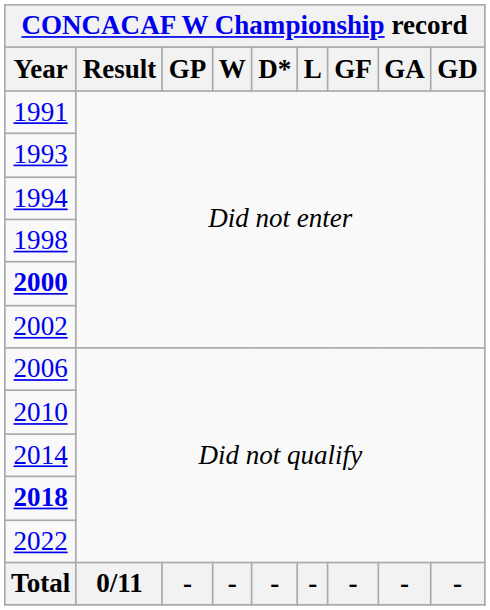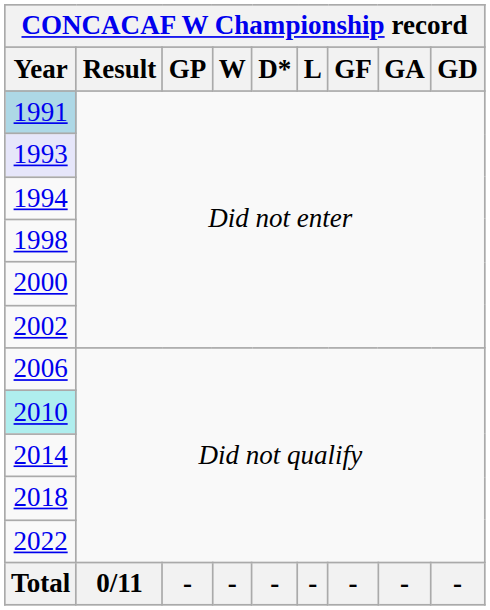 <table class="wikitable" style="text-align: center;">
 <tr>
 <th colspan=10><a href='#'>CONCACAF W Championship</a> record</th>
 </tr>
 <tr>
 <th>Year</th>
 <th>Result</th>
 <th>GP</th>
 <th>W</th>
 <th>D*</th>
 <th>L</th>
 <th>GF</th>
 <th>GA</th>
 <th>GD</th>
 </tr>
 <tr>
-<td> <a href='#'>1991</a></td>
+<td style="background: lightblue;"> <a href='#'>1991</a></td>
 <td colspan=8 rowspan=6><em>Did not enter</em></td>
 </tr>
 <tr>
-<td> <a href='#'>1993</a></td>
+<td style="background: lavender;"> <a href='#'>1993</a></td>
 </tr>
 <tr>
 <td> <a href='#'>1994</a></td>
 </tr>
 <tr>
 <td> <a href='#'>1998</a></td>
 </tr>
 <tr>
-<td><strong> <a href='#'>2000</a></strong></td>
+<td> <a href='#'>2000</a></td>
 </tr>
 <tr>
 <td> <a href='#'>2002</a></td>
 </tr>
 <tr>
 <td> <a href='#'>2006</a></td>
 <td colspan=8 rowspan=5><em>Did not qualify</em></td>
 </tr>
 <tr>
-<td> <a href='#'>2010</a></td>
+<td style="background: paleturquoise;"> <a href='#'>2010</a></td>
 </tr>
 <tr>
 <td> <a href='#'>2014</a></td>
 </tr>
 <tr>
-<td><strong> <a href='#'>2018</a></strong></td>
+<td> <a href='#'>2018</a></td>
 </tr>
 <tr>
 <td> <a href='#'>2022</a></td>
 </tr>
 <tr>
 <th>Total</th>
 <th>0/11</th>
 <th>-</th>
 <th>-</th>
 <th>-</th>
 <th>-</th>
 <th>-</th>
 <th>-</th>
 <th>-</th>
 </tr>
 </table>
